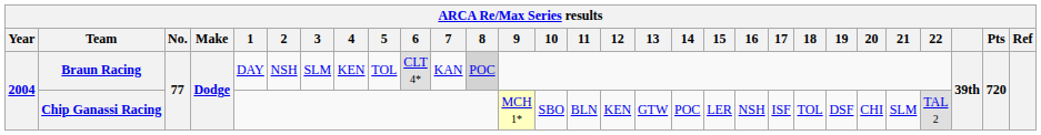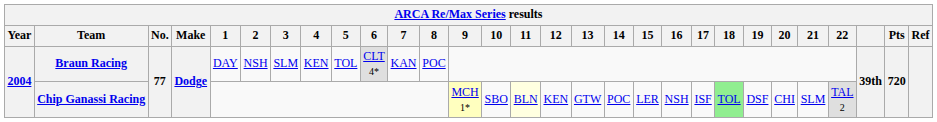 <table class="wikitable" style="text-align:center; font-size:75%">
 <tr>
 <th colspan=45><a href='#'>ARCA Re/Max Series</a> results</th>
 </tr>
 <tr>
 <th>Year</th>
 <th>Team</th>
 <th>No.</th>
 <th>Make</th>
 <th>1</th>
 <th>2</th>
 <th>3</th>
 <th>4</th>
 <th>5</th>
 <th>6</th>
 <th>7</th>
 <th>8</th>
 <th>9</th>
 <th>10</th>
 <th>11</th>
 <th>12</th>
 <th>13</th>
 <th>14</th>
 <th>15</th>
 <th>16</th>
 <th>17</th>
 <th>18</th>
 <th>19</th>
 <th>20</th>
 <th>21</th>
 <th>22</th>
 <th></th>
 <th>Pts</th>
 <th>Ref</th>
 </tr>
 <tr>
 <th rowspan=2><a href='#'>2004</a></th>
 <th><a href='#'>Braun Racing</a></th>
 <th rowspan=2>77</th>
 <th rowspan=2><a href='#'>Dodge</a></th>
 <td><a href='#'>DAY</a></td>
 <td><a href='#'>NSH</a></td>
 <td><a href='#'>SLM</a></td>
 <td><a href='#'>KEN</a></td>
 <td><a href='#'>TOL</a></td>
 <td style="background:#DFDFDF;"><a href='#'>CLT</a><br><small>4*</small></td>
 <td><a href='#'>KAN</a></td>
-<td style="background: lightgrey;"><a href='#'>POC</a></td>
+<td><a href='#'>POC</a></td>
 <td colspan=14></td>
 <th rowspan=2>39th</th>
 <th rowspan=2>720</th>
 <th rowspan=2></th>
 </tr>
 <tr>
 <th><a href='#'>Chip Ganassi Racing</a></th>
 <td colspan=8></td>
 <td style="background:#FFFFBF;"><a href='#'>MCH</a><br><small>1*</small></td>
 <td><a href='#'>SBO</a></td>
-<td><a href='#'>BLN</a></td>
+<td style="background: lightyellow;"><a href='#'>BLN</a></td>
 <td><a href='#'>KEN</a></td>
 <td><a href='#'>GTW</a></td>
 <td><a href='#'>POC</a></td>
 <td><a href='#'>LER</a></td>
 <td><a href='#'>NSH</a></td>
 <td><a href='#'>ISF</a></td>
-<td><a href='#'>TOL</a></td>
+<td style="background: lightgreen;"><a href='#'>TOL</a></td>
 <td><a href='#'>DSF</a></td>
 <td><a href='#'>CHI</a></td>
 <td><a href='#'>SLM</a></td>
 <td style="background:#DFDFDF;"><a href='#'>TAL</a><br><small>2</small></td>
 </tr>
 </table>
